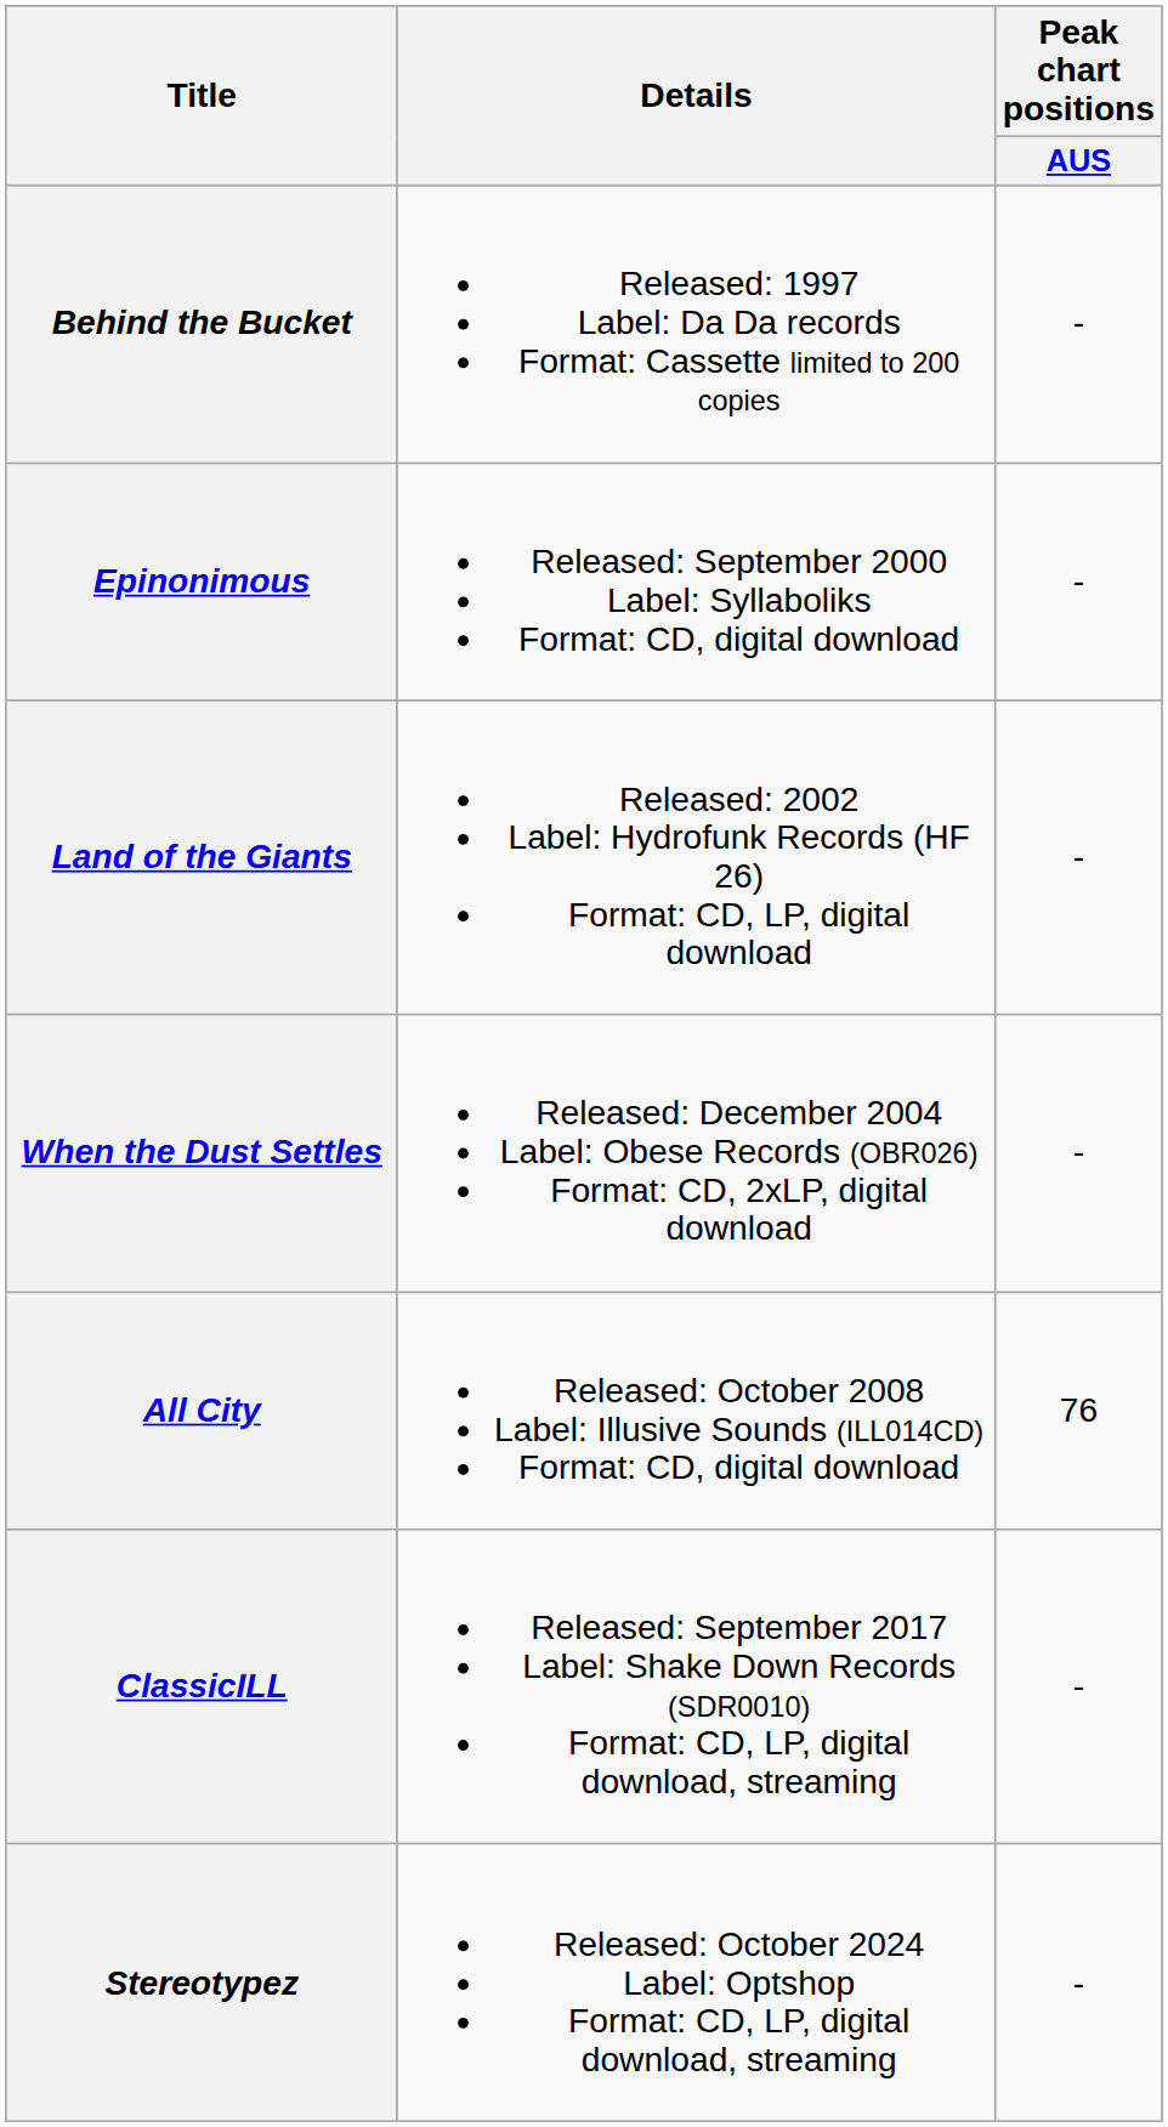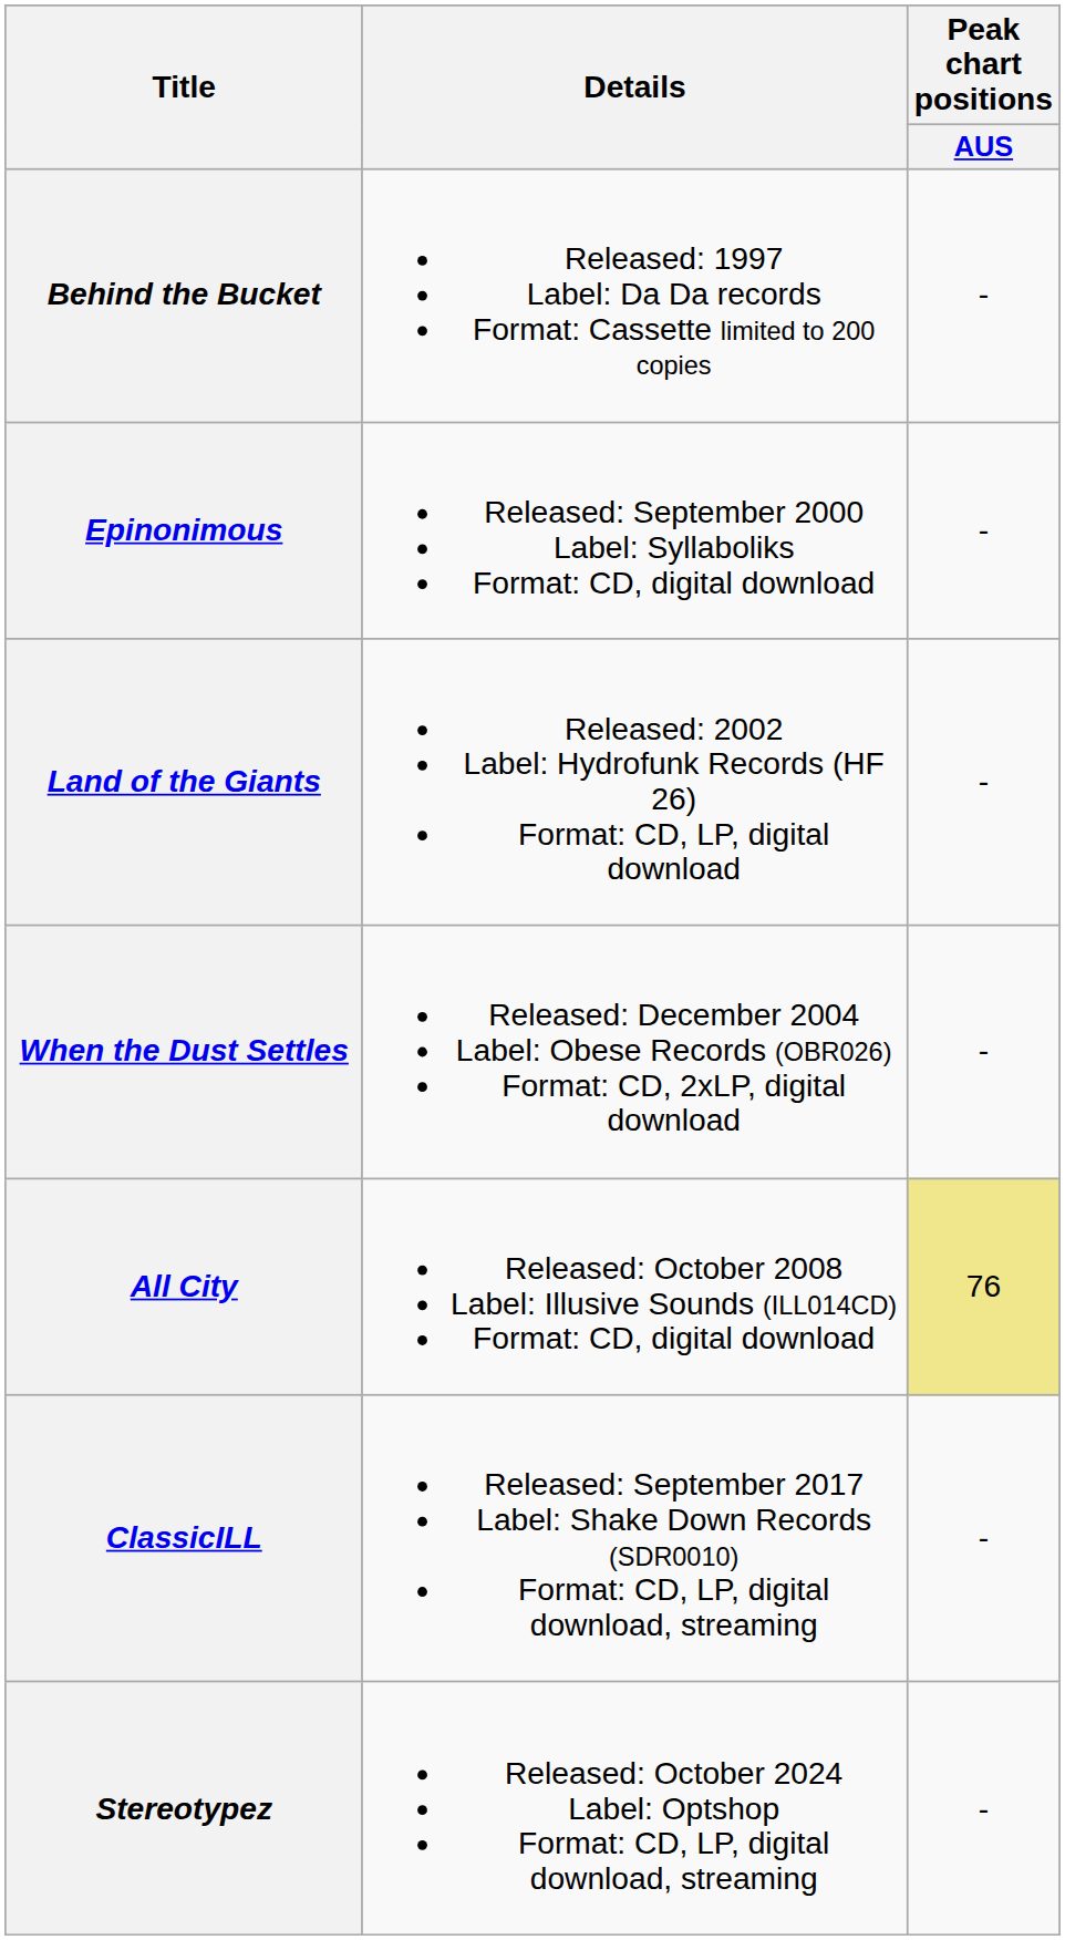 <table class="wikitable plainrowheaders" style="text-align:center;" border="1">
 <tr>
 <th scope="col" rowspan="2" style="width:11em;">Title</th>
 <th scope="col" rowspan="2" style="width:17em;">Details</th>
 <th scope="col" colspan="1">Peak chart positions</th>
 </tr>
 <tr>
 <th scope="col" style="width:3em;font-size:90%;"><a href='#'>AUS</a><br></th>
 </tr>
 <tr>
 <th scope="row"><em>Behind the Bucket</em></th>
 <td><br><ul><li>Released: 1997</li><li>Label: Da Da records</li><li>Format: Cassette  <small>limited to 200 copies</small></li></ul></td>
 <td>-</td>
 </tr>
 <tr>
 <th scope="row"><em><a href='#'>Epinonimous</a></em></th>
 <td><br><ul><li>Released: September 2000</li><li>Label: Syllaboliks</li><li>Format: CD, digital download</li></ul></td>
 <td>-</td>
 </tr>
 <tr>
 <th scope="row"><em><a href='#'>Land of the Giants</a></em></th>
 <td><br><ul><li>Released: 2002</li><li>Label: Hydrofunk Records (HF 26)</li><li>Format: CD, LP, digital download</li></ul></td>
 <td>-</td>
 </tr>
 <tr>
 <th scope="row"><em><a href='#'>When the Dust Settles</a></em></th>
 <td><br><ul><li>Released: December 2004</li><li>Label: Obese Records <small>(OBR026)</small></li><li>Format: CD, 2xLP, digital download</li></ul></td>
 <td>-</td>
 </tr>
 <tr>
 <th scope="row"><em><a href='#'>All City</a></em></th>
 <td><br><ul><li>Released: October 2008</li><li>Label: Illusive Sounds <small>(ILL014CD)</small></li><li>Format: CD, digital download</li></ul></td>
-<td>76</td>
+<td style="background: khaki;">76</td>
 </tr>
 <tr>
 <th scope="row"><em><a href='#'>ClassicILL</a></em></th>
 <td><br><ul><li>Released: September 2017</li><li>Label: Shake Down Records  <small>(SDR0010)</small></li><li>Format: CD, LP, digital download, streaming</li></ul></td>
 <td>-</td>
 </tr>
 <tr>
 <th scope="row"><em>Stereotypez</em></th>
 <td><br><ul><li>Released: October 2024</li><li>Label: Optshop</li><li>Format: CD, LP, digital download, streaming</li></ul></td>
 <td>-</td>
 </tr>
 </table>
